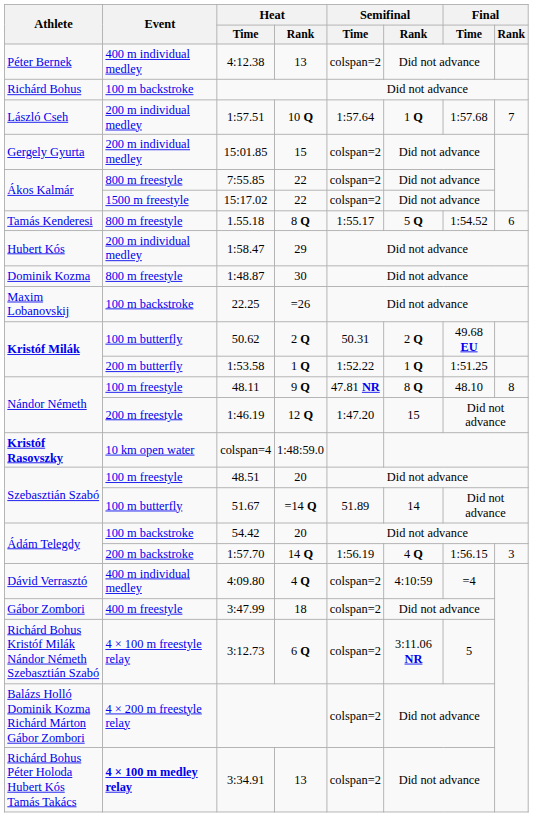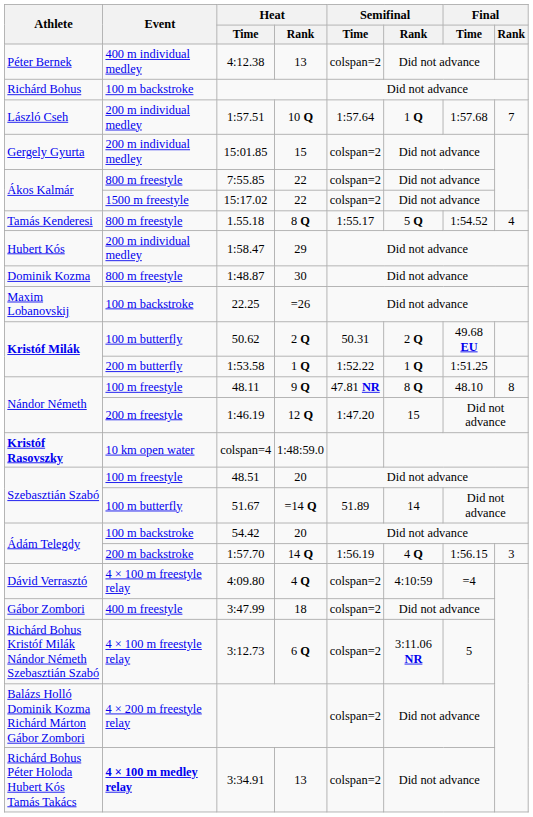 <table class=wikitable style="font-size:90%">
 <tr>
 <th rowspan="2">Athlete</th>
 <th rowspan="2">Event</th>
 <th colspan="2">Heat</th>
 <th colspan="2">Semifinal</th>
 <th colspan="2">Final</th>
 </tr>
 <tr style="font-size:95%">
 <th>Time</th>
 <th>Rank</th>
 <th>Time</th>
 <th>Rank</th>
 <th>Time</th>
 <th>Rank</th>
 </tr>
 <tr align=center>
 <td align=left><a href='#'>Péter Bernek</a></td>
 <td align=left><a href='#'>400 m individual medley</a></td>
 <td>4:12.38</td>
 <td>13</td>
 <td>colspan=2 </td>
 <td colspan="2">Did not advance</td>
 </tr>
 <tr align=center>
 <td align=left><a href='#'>Richárd Bohus</a></td>
 <td align=left><a href='#'>100 m backstroke</a></td>
 <td colspan="2"></td>
 <td colspan="4">Did not advance</td>
 </tr>
 <tr align=center>
 <td align=left><a href='#'>László Cseh</a></td>
 <td align=left><a href='#'>200 m individual medley</a></td>
 <td>1:57.51</td>
 <td>10 <strong>Q</strong></td>
 <td>1:57.64</td>
 <td>1 <strong>Q</strong></td>
 <td>1:57.68</td>
 <td>7</td>
 </tr>
 <tr align=center>
 <td align=left><a href='#'>Gergely Gyurta</a></td>
 <td align=left><a href='#'>200 m individual medley</a></td>
 <td>15:01.85</td>
 <td>15</td>
 <td>colspan=2 </td>
 <td colspan="2">Did not advance</td>
 </tr>
 <tr align=center>
 <td align=left rowspan=2><a href='#'>Ákos Kalmár</a></td>
 <td align=left><a href='#'>800 m freestyle</a></td>
 <td>7:55.85</td>
 <td>22</td>
 <td>colspan=2 </td>
 <td colspan="2">Did not advance</td>
 </tr>
 <tr align=center>
 <td align=left><a href='#'>1500 m freestyle</a></td>
 <td>15:17.02</td>
 <td>22</td>
 <td>colspan=2 </td>
 <td colspan="2">Did not advance</td>
 </tr>
 <tr align=center>
 <td align=left><a href='#'>Tamás Kenderesi</a></td>
 <td align=left><a href='#'>800 m freestyle</a></td>
 <td>1.55.18</td>
 <td>8 <strong>Q</strong></td>
 <td>1:55.17</td>
 <td>5 <strong>Q</strong></td>
 <td>1:54.52</td>
-<td>6</td>
+<td>4</td>
 </tr>
 <tr align=center>
 <td align=left><a href='#'>Hubert Kós</a></td>
 <td align=left><a href='#'>200 m individual medley</a></td>
 <td>1:58.47</td>
 <td>29</td>
 <td colspan="4">Did not advance</td>
 </tr>
 <tr align=center>
 <td align=left><a href='#'>Dominik Kozma</a></td>
 <td align=left><a href='#'>800 m freestyle</a></td>
 <td>1:48.87</td>
 <td>30</td>
 <td colspan="4">Did not advance</td>
 </tr>
 <tr align=center>
 <td align=left><a href='#'>Maxim Lobanovskij</a></td>
 <td align=left><a href='#'>100 m backstroke</a></td>
 <td>22.25</td>
 <td>=26</td>
 <td colspan="4">Did not advance</td>
 </tr>
 <tr align=center>
 <td align=left rowspan=2><strong><a href='#'>Kristóf Milák</a></strong></td>
 <td align=left><a href='#'>100 m butterfly</a></td>
 <td>50.62</td>
 <td>2 <strong>Q</strong></td>
 <td>50.31</td>
 <td>2 <strong>Q</strong></td>
 <td>49.68 <strong><a href='#'>EU</a></strong></td>
 <td></td>
 </tr>
 <tr align=center>
 <td align=left><a href='#'>200 m butterfly</a></td>
 <td>1:53.58</td>
 <td>1 <strong>Q</strong></td>
 <td>1:52.22</td>
 <td>1 <strong>Q</strong></td>
 <td>1:51.25 </td>
 <td></td>
 </tr>
 <tr align=center>
 <td align=left rowspan=2><a href='#'>Nándor Németh</a></td>
 <td align=left><a href='#'>100 m freestyle</a></td>
 <td>48.11</td>
 <td>9 <strong>Q</strong></td>
 <td>47.81 <strong><a href='#'>NR</a></strong></td>
 <td>8 <strong>Q</strong></td>
 <td>48.10</td>
 <td>8</td>
 </tr>
 <tr align=center>
 <td align=left><a href='#'>200 m freestyle</a></td>
 <td>1:46.19</td>
 <td>12 <strong>Q</strong></td>
 <td>1:47.20</td>
 <td>15</td>
 <td colspan="2">Did not advance</td>
 </tr>
 <tr align=center>
 <td align=left><strong><a href='#'>Kristóf Rasovszky</a></strong></td>
 <td align=left><a href='#'>10 km open water</a></td>
 <td>colspan=4 </td>
 <td>1:48:59.0</td>
 <td></td>
 </tr>
 <tr align=center>
 <td align=left rowspan=2><a href='#'>Szebasztián Szabó</a></td>
 <td align=left><a href='#'>100 m freestyle</a></td>
 <td>48.51</td>
 <td>20</td>
 <td colspan="4">Did not advance</td>
 </tr>
 <tr align=center>
 <td align=left><a href='#'>100 m butterfly</a></td>
 <td>51.67</td>
 <td>=14 <strong>Q</strong></td>
 <td>51.89</td>
 <td>14</td>
 <td colspan="2">Did not advance</td>
 </tr>
 <tr align=center>
 <td align=left rowspan=2><a href='#'>Ádám Telegdy</a></td>
 <td align=left><a href='#'>100 m backstroke</a></td>
 <td>54.42</td>
 <td>20</td>
 <td colspan="4">Did not advance</td>
 </tr>
 <tr align=center>
 <td align=left><a href='#'>200 m backstroke</a></td>
 <td>1:57.70</td>
 <td>14 <strong>Q</strong></td>
 <td>1:56.19</td>
 <td>4 <strong>Q</strong></td>
 <td>1:56.15</td>
 <td>3</td>
 </tr>
 <tr align=center>
 <td align=left><a href='#'>Dávid Verrasztó</a></td>
-<td align=left><a href='#'>400 m individual medley</a></td>
+<td align=left><a href='#'>4 × 100 m freestyle relay</a></td>
 <td>4:09.80</td>
 <td>4 <strong>Q</strong></td>
 <td>colspan=2 </td>
 <td>4:10:59</td>
 <td>=4</td>
 </tr>
 <tr align=center>
 <td align=left><a href='#'>Gábor Zombori</a></td>
 <td align=left><a href='#'>400 m freestyle</a></td>
 <td>3:47.99</td>
 <td>18</td>
 <td>colspan=2 </td>
 <td colspan="2">Did not advance</td>
 </tr>
 <tr align=center>
 <td align=left><a href='#'>Richárd Bohus</a><br><a href='#'>Kristóf Milák</a><br><a href='#'>Nándor Németh</a><br><a href='#'>Szebasztián Szabó</a></td>
 <td align=left><a href='#'>4 × 100 m freestyle relay</a></td>
 <td>3:12.73</td>
 <td>6 <strong>Q</strong></td>
 <td>colspan=2 </td>
 <td>3:11.06 <strong><a href='#'>NR</a></strong></td>
 <td>5</td>
 </tr>
 <tr align=center>
 <td align=left><a href='#'>Balázs Holló</a><br><a href='#'>Dominik Kozma</a><br><a href='#'>Richárd Márton</a><br><a href='#'>Gábor Zombori</a></td>
 <td align=left><a href='#'>4 × 200 m freestyle relay</a></td>
 <td colspan="2"></td>
 <td>colspan=2 </td>
 <td colspan="2">Did not advance</td>
 </tr>
 <tr align=center>
 <td align=left><a href='#'>Richárd Bohus</a><br><a href='#'>Péter Holoda</a><br><a href='#'>Hubert Kós</a><br><a href='#'>Tamás Takács</a></td>
 <td align=left><strong><a href='#'>4 × 100 m medley relay</a></strong></td>
 <td>3:34.91</td>
 <td>13</td>
 <td>colspan=2 </td>
 <td colspan="2">Did not advance</td>
 </tr>
 </table>
